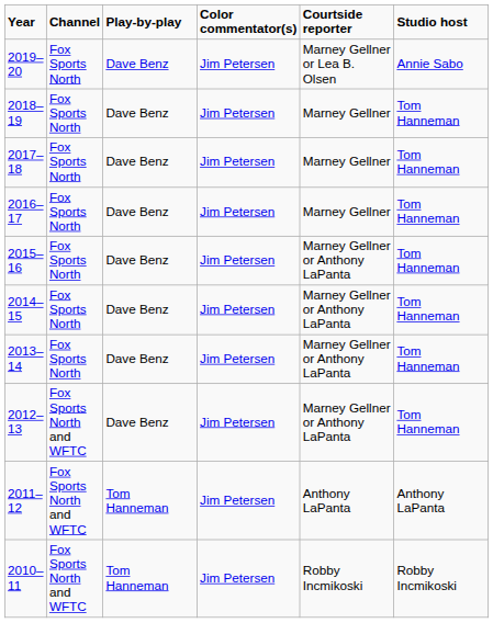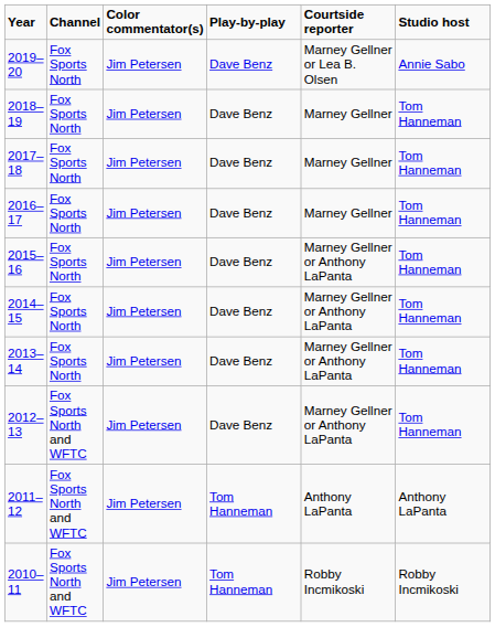 <table class="wikitable">
 <tr>
 <td style="width:40px; "><strong>Year</strong></td>
 <td style="width:40px; "><strong>Channel</strong></td>
+<td style="width:110px; "><strong>Color commentator(s)</strong></td>
 <td style="width:110px; "><strong>Play-by-play</strong></td>
-<td style="width:110px; "><strong>Color commentator(s)</strong></td>
 <td style="width:110px; "><strong>Courtside reporter</strong></td>
 <td style="width:110px; "><strong>Studio host</strong></td>
 </tr>
 <tr>
 <td><a href='#'>2019–20</a></td>
 <td><a href='#'>Fox Sports North</a></td>
+<td><a href='#'>Jim Petersen</a></td>
 <td><a href='#'>Dave Benz</a></td>
-<td><a href='#'>Jim Petersen</a></td>
 <td>Marney Gellner or Lea B. Olsen</td>
 <td><a href='#'>Annie Sabo</a></td>
 </tr>
 <tr>
 <td><a href='#'>2018–19</a></td>
 <td><a href='#'>Fox Sports North</a></td>
+<td><a href='#'>Jim Petersen</a></td>
 <td>Dave Benz</td>
-<td><a href='#'>Jim Petersen</a></td>
 <td>Marney Gellner</td>
 <td><a href='#'>Tom Hanneman</a></td>
 </tr>
 <tr>
 <td><a href='#'>2017–18</a></td>
 <td><a href='#'>Fox Sports North</a></td>
+<td><a href='#'>Jim Petersen</a></td>
 <td>Dave Benz</td>
-<td><a href='#'>Jim Petersen</a></td>
 <td>Marney Gellner</td>
 <td><a href='#'>Tom Hanneman</a></td>
 </tr>
 <tr>
 <td><a href='#'>2016–17</a></td>
 <td><a href='#'>Fox Sports North</a></td>
+<td><a href='#'>Jim Petersen</a></td>
 <td>Dave Benz</td>
-<td><a href='#'>Jim Petersen</a></td>
 <td>Marney Gellner</td>
 <td><a href='#'>Tom Hanneman</a></td>
 </tr>
 <tr>
 <td><a href='#'>2015–16</a></td>
 <td><a href='#'>Fox Sports North</a></td>
+<td><a href='#'>Jim Petersen</a></td>
 <td>Dave Benz</td>
-<td><a href='#'>Jim Petersen</a></td>
 <td>Marney Gellner or Anthony LaPanta</td>
 <td><a href='#'>Tom Hanneman</a></td>
 </tr>
 <tr>
 <td><a href='#'>2014–15</a></td>
 <td><a href='#'>Fox Sports North</a></td>
+<td><a href='#'>Jim Petersen</a></td>
 <td>Dave Benz</td>
-<td><a href='#'>Jim Petersen</a></td>
 <td>Marney Gellner or Anthony LaPanta</td>
 <td><a href='#'>Tom Hanneman</a></td>
 </tr>
 <tr>
 <td><a href='#'>2013–14</a></td>
 <td><a href='#'>Fox Sports North</a></td>
+<td><a href='#'>Jim Petersen</a></td>
 <td>Dave Benz</td>
-<td><a href='#'>Jim Petersen</a></td>
 <td>Marney Gellner or Anthony LaPanta</td>
 <td><a href='#'>Tom Hanneman</a></td>
 </tr>
 <tr>
 <td><a href='#'>2012–13</a></td>
 <td><a href='#'>Fox Sports North</a> and <a href='#'>WFTC</a></td>
+<td><a href='#'>Jim Petersen</a></td>
 <td>Dave Benz</td>
-<td><a href='#'>Jim Petersen</a></td>
 <td>Marney Gellner or Anthony LaPanta</td>
 <td><a href='#'>Tom Hanneman</a></td>
 </tr>
 <tr>
 <td><a href='#'>2011–12</a></td>
 <td><a href='#'>Fox Sports North</a> and <a href='#'>WFTC</a></td>
+<td><a href='#'>Jim Petersen</a></td>
 <td><a href='#'>Tom Hanneman</a></td>
-<td><a href='#'>Jim Petersen</a></td>
 <td>Anthony LaPanta</td>
 <td>Anthony LaPanta</td>
 </tr>
 <tr>
 <td><a href='#'>2010–11</a></td>
 <td><a href='#'>Fox Sports North</a> and <a href='#'>WFTC</a></td>
+<td><a href='#'>Jim Petersen</a></td>
 <td><a href='#'>Tom Hanneman</a></td>
-<td><a href='#'>Jim Petersen</a></td>
 <td>Robby Incmikoski</td>
 <td>Robby Incmikoski</td>
 </tr>
 </table>
